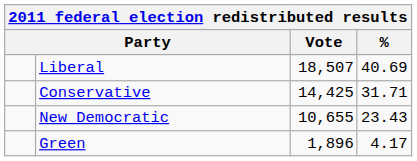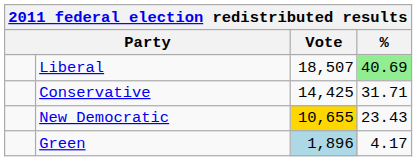 <table class="wikitable">
 <tr>
 <th colspan="4"><a href='#'>2011 federal election</a> redistributed results</th>
 </tr>
 <tr>
 <th bgcolor="#DDDDFF" width="130px" colspan="2">Party</th>
 <th bgcolor="#DDDDFF" width="50px">Vote</th>
 <th bgcolor="#DDDDFF" width="30px">%</th>
 </tr>
 <tr>
 <td> </td>
 <td><a href='#'>Liberal</a></td>
 <td align=right>18,507</td>
-<td align=right>40.69</td>
+<td align=right style="background: lightgreen;">40.69</td>
 </tr>
 <tr>
 <td> </td>
 <td><a href='#'>Conservative</a></td>
 <td align=right>14,425</td>
 <td align=right>31.71</td>
 </tr>
 <tr>
 <td> </td>
 <td><a href='#'>New Democratic</a></td>
-<td align=right>10,655</td>
+<td align=right style="background: gold;">10,655</td>
 <td align=right>23.43</td>
 </tr>
 <tr>
 <td> </td>
 <td><a href='#'>Green</a></td>
-<td align=right>1,896</td>
+<td align=right style="background: lightblue;">1,896</td>
 <td align=right>4.17</td>
 </tr>
 </table>
